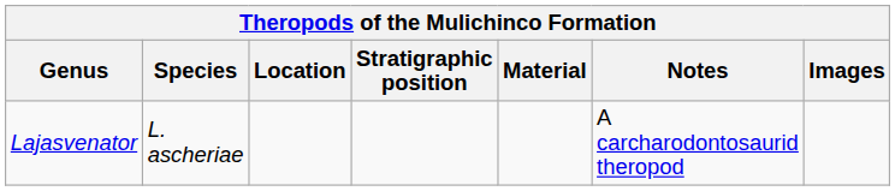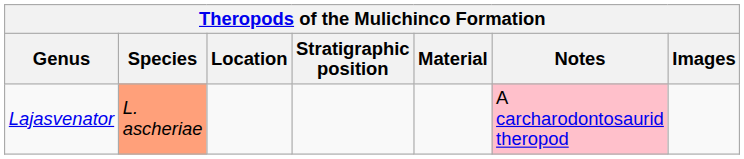 <table class="wikitable" align="center">
 <tr>
 <th colspan="7" align="center"><a href='#'>Theropods</a> of the Mulichinco Formation</th>
 </tr>
 <tr>
 <th>Genus</th>
 <th>Species</th>
 <th>Location</th>
 <th>Stratigraphic position</th>
 <th>Material</th>
 <th>Notes</th>
 <th>Images</th>
 </tr>
 <tr>
 <td><em><a href='#'>Lajasvenator</a></em></td>
-<td><em>L. ascheriae</em></td>
+<td style="background: lightsalmon;"><em>L. ascheriae</em></td>
 <td></td>
 <td></td>
 <td></td>
-<td>A <a href='#'>carcharodontosaurid</a> <a href='#'>theropod</a></td>
+<td style="background: pink;">A <a href='#'>carcharodontosaurid</a> <a href='#'>theropod</a></td>
 <td></td>
 </tr>
 </table>
